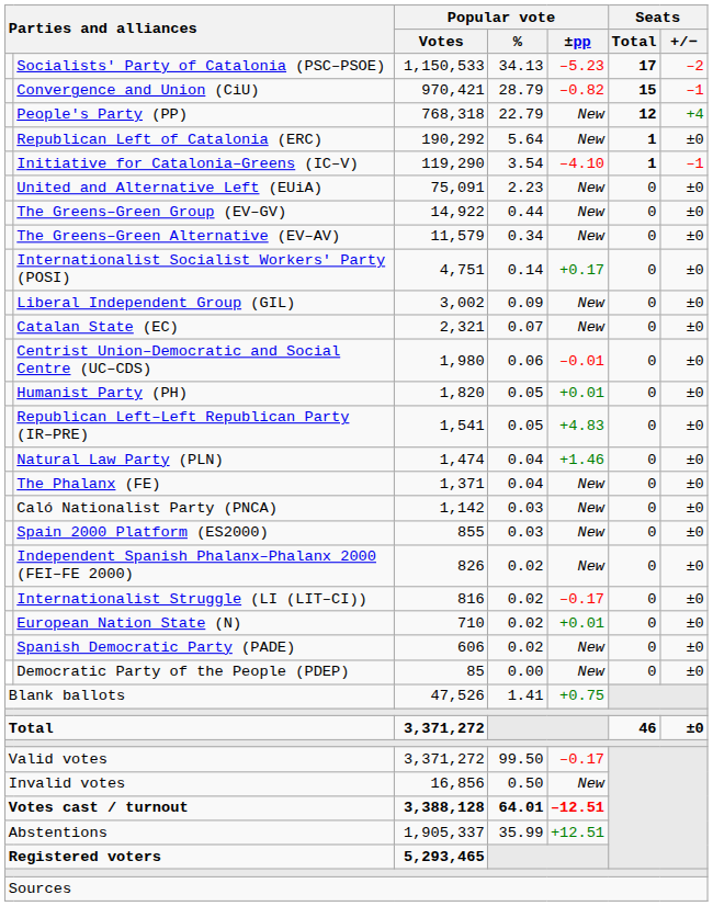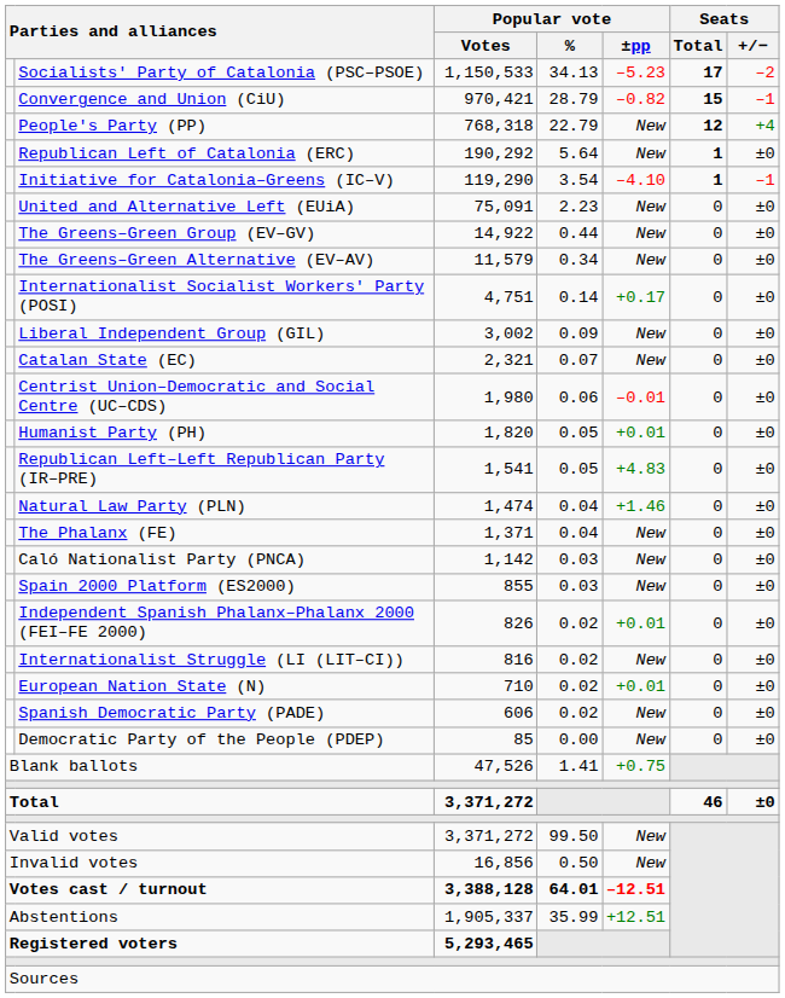 <table class="wikitable" style="text-align:right;">
 <tr>
 <th style="text-align:left;" rowspan="2" colspan="2" width="525">Parties and alliances</th>
 <th colspan="3">Popular vote</th>
 <th colspan="2">Seats</th>
 </tr>
 <tr>
 <th width="75">Votes</th>
 <th width="45">%</th>
 <th width="45">±<a href='#'>pp</a></th>
 <th width="35">Total</th>
 <th width="35">+/−</th>
 </tr>
 <tr>
 <td width="1" style="color:inherit;background:"></td>
 <td align="left"><a href='#'>Socialists' Party of Catalonia</a> (PSC–PSOE)</td>
 <td>1,150,533</td>
 <td>34.13</td>
 <td style="color:red;">–5.23</td>
 <td><strong>17</strong></td>
 <td style="color:red;">–2</td>
 </tr>
 <tr>
 <td style="color:inherit;background:"></td>
 <td align="left"><a href='#'>Convergence and Union</a> (CiU)</td>
 <td>970,421</td>
 <td>28.79</td>
 <td style="color:red;">–0.82</td>
 <td><strong>15</strong></td>
 <td style="color:red;">–1</td>
 </tr>
 <tr>
 <td style="color:inherit;background:"></td>
 <td align="left"><a href='#'>People's Party</a> (PP)</td>
 <td>768,318</td>
 <td>22.79</td>
 <td><em>New</em></td>
 <td><strong>12</strong></td>
 <td style="color:green;">+4</td>
 </tr>
 <tr>
 <td style="color:inherit;background:"></td>
 <td align="left"><a href='#'>Republican Left of Catalonia</a> (ERC)</td>
 <td>190,292</td>
 <td>5.64</td>
 <td><em>New</em></td>
 <td><strong>1</strong></td>
 <td>±0</td>
 </tr>
 <tr>
 <td style="color:inherit;background:"></td>
 <td align="left"><a href='#'>Initiative for Catalonia–Greens</a> (IC–V)</td>
 <td>119,290</td>
 <td>3.54</td>
 <td style="color:red;">–4.10</td>
 <td><strong>1</strong></td>
 <td style="color:red;">–1</td>
 </tr>
 <tr>
 <td style="color:inherit;background:"></td>
 <td align="left"><a href='#'>United and Alternative Left</a> (EUiA)</td>
 <td>75,091</td>
 <td>2.23</td>
 <td><em>New</em></td>
 <td>0</td>
 <td>±0</td>
 </tr>
 <tr>
 <td style="color:inherit;background:"></td>
 <td align="left"><a href='#'>The Greens–Green Group</a> (EV–GV)</td>
 <td>14,922</td>
 <td>0.44</td>
 <td><em>New</em></td>
 <td>0</td>
 <td>±0</td>
 </tr>
 <tr>
 <td style="color:inherit;background:"></td>
 <td align="left"><a href='#'>The Greens–Green Alternative</a> (EV–AV)</td>
 <td>11,579</td>
 <td>0.34</td>
 <td><em>New</em></td>
 <td>0</td>
 <td>±0</td>
 </tr>
 <tr>
 <td style="color:inherit;background:"></td>
 <td align="left"><a href='#'>Internationalist Socialist Workers' Party</a> (POSI)</td>
 <td>4,751</td>
 <td>0.14</td>
 <td style="color:green;">+0.17</td>
 <td>0</td>
 <td>±0</td>
 </tr>
 <tr>
 <td style="color:inherit;background:"></td>
 <td align="left"><a href='#'>Liberal Independent Group</a> (GIL)</td>
 <td>3,002</td>
 <td>0.09</td>
 <td><em>New</em></td>
 <td>0</td>
 <td>±0</td>
 </tr>
 <tr>
 <td style="color:inherit;background:"></td>
 <td align="left"><a href='#'>Catalan State</a> (EC)</td>
 <td>2,321</td>
 <td>0.07</td>
 <td><em>New</em></td>
 <td>0</td>
 <td>±0</td>
 </tr>
 <tr>
 <td style="color:inherit;background:"></td>
 <td align="left"><a href='#'>Centrist Union–Democratic and Social Centre</a> (UC–CDS)</td>
 <td>1,980</td>
 <td>0.06</td>
 <td style="color:red;">–0.01</td>
 <td>0</td>
 <td>±0</td>
 </tr>
 <tr>
 <td style="color:inherit;background:"></td>
 <td align="left"><a href='#'>Humanist Party</a> (PH)</td>
 <td>1,820</td>
 <td>0.05</td>
 <td style="color:green;">+0.01</td>
 <td>0</td>
 <td>±0</td>
 </tr>
 <tr>
 <td style="color:inherit;background:"></td>
 <td align="left"><a href='#'>Republican Left–Left Republican Party</a> (IR–PRE)</td>
 <td>1,541</td>
 <td>0.05</td>
 <td style="color:green;">+4.83</td>
 <td>0</td>
 <td>±0</td>
 </tr>
 <tr>
 <td style="color:inherit;background:"></td>
 <td align="left"><a href='#'>Natural Law Party</a> (PLN)</td>
 <td>1,474</td>
 <td>0.04</td>
 <td style="color:green;">+1.46</td>
 <td>0</td>
 <td>±0</td>
 </tr>
 <tr>
 <td style="color:inherit;background:"></td>
 <td align="left"><a href='#'>The Phalanx</a> (FE)</td>
 <td>1,371</td>
 <td>0.04</td>
 <td><em>New</em></td>
 <td>0</td>
 <td>±0</td>
 </tr>
 <tr>
 <td style="color:inherit;background:"></td>
 <td align="left">Caló Nationalist Party (PNCA)</td>
 <td>1,142</td>
 <td>0.03</td>
 <td><em>New</em></td>
 <td>0</td>
 <td>±0</td>
 </tr>
 <tr>
 <td style="color:inherit;background:"></td>
 <td align="left"><a href='#'>Spain 2000 Platform</a> (ES2000)</td>
 <td>855</td>
 <td>0.03</td>
 <td><em>New</em></td>
 <td>0</td>
 <td>±0</td>
 </tr>
 <tr>
 <td style="color:inherit;background:"></td>
 <td align="left"><a href='#'>Independent Spanish Phalanx–Phalanx 2000</a> (FEI–FE 2000)</td>
 <td>826</td>
 <td>0.02</td>
-<td><em>New</em></td>
+<td style="color:green;">+0.01</td>
 <td>0</td>
 <td>±0</td>
 </tr>
 <tr>
 <td style="color:inherit;background:"></td>
 <td align="left"><a href='#'>Internationalist Struggle</a> (LI (LIT–CI))</td>
 <td>816</td>
 <td>0.02</td>
-<td style="color:red;">–0.17</td>
+<td><em>New</em></td>
 <td>0</td>
 <td>±0</td>
 </tr>
 <tr>
 <td style="color:inherit;background:"></td>
 <td align="left"><a href='#'>European Nation State</a> (N)</td>
 <td>710</td>
 <td>0.02</td>
 <td style="color:green;">+0.01</td>
 <td>0</td>
 <td>±0</td>
 </tr>
 <tr>
 <td style="color:inherit;background:"></td>
 <td align="left"><a href='#'>Spanish Democratic Party</a> (PADE)</td>
 <td>606</td>
 <td>0.02</td>
 <td><em>New</em></td>
 <td>0</td>
 <td>±0</td>
 </tr>
 <tr>
 <td bgcolor="white"></td>
 <td align="left">Democratic Party of the People (PDEP)</td>
 <td>85</td>
 <td>0.00</td>
 <td><em>New</em></td>
 <td>0</td>
 <td>±0</td>
 </tr>
 <tr>
 <td align="left" colspan="2">Blank ballots</td>
 <td>47,526</td>
 <td>1.41</td>
 <td style="color:green;">+0.75</td>
 <td bgcolor="#E9E9E9" colspan="2"></td>
 </tr>
 <tr>
 <td colspan="7" bgcolor="#E9E9E9"></td>
 </tr>
 <tr style="font-weight:bold;">
 <td align="left" colspan="2">Total</td>
 <td>3,371,272</td>
 <td bgcolor="#E9E9E9" colspan="2"></td>
 <td>46</td>
 <td>±0</td>
 </tr>
 <tr>
 <td colspan="7" bgcolor="#E9E9E9"></td>
 </tr>
 <tr>
 <td align="left" colspan="2">Valid votes</td>
 <td>3,371,272</td>
 <td>99.50</td>
-<td style="color:red;">–0.17</td>
+<td><em>New</em></td>
 <td bgcolor="#E9E9E9" colspan="2" rowspan="5"></td>
 </tr>
 <tr>
 <td align="left" colspan="2">Invalid votes</td>
 <td>16,856</td>
 <td>0.50</td>
 <td><em>New</em></td>
 </tr>
 <tr style="font-weight:bold;">
 <td align="left" colspan="2">Votes cast / turnout</td>
 <td>3,388,128</td>
 <td>64.01</td>
 <td style="color:red;">–12.51</td>
 </tr>
 <tr>
 <td align="left" colspan="2">Abstentions</td>
 <td>1,905,337</td>
 <td>35.99</td>
 <td style="color:green;">+12.51</td>
 </tr>
 <tr style="font-weight:bold;">
 <td align="left" colspan="2">Registered voters</td>
 <td>5,293,465</td>
 <td bgcolor="#E9E9E9" colspan="2"></td>
 </tr>
 <tr>
 <td colspan="7" bgcolor="#E9E9E9"></td>
 </tr>
 <tr>
 <td align="left" colspan="7">Sources</td>
 </tr>
 </table>
